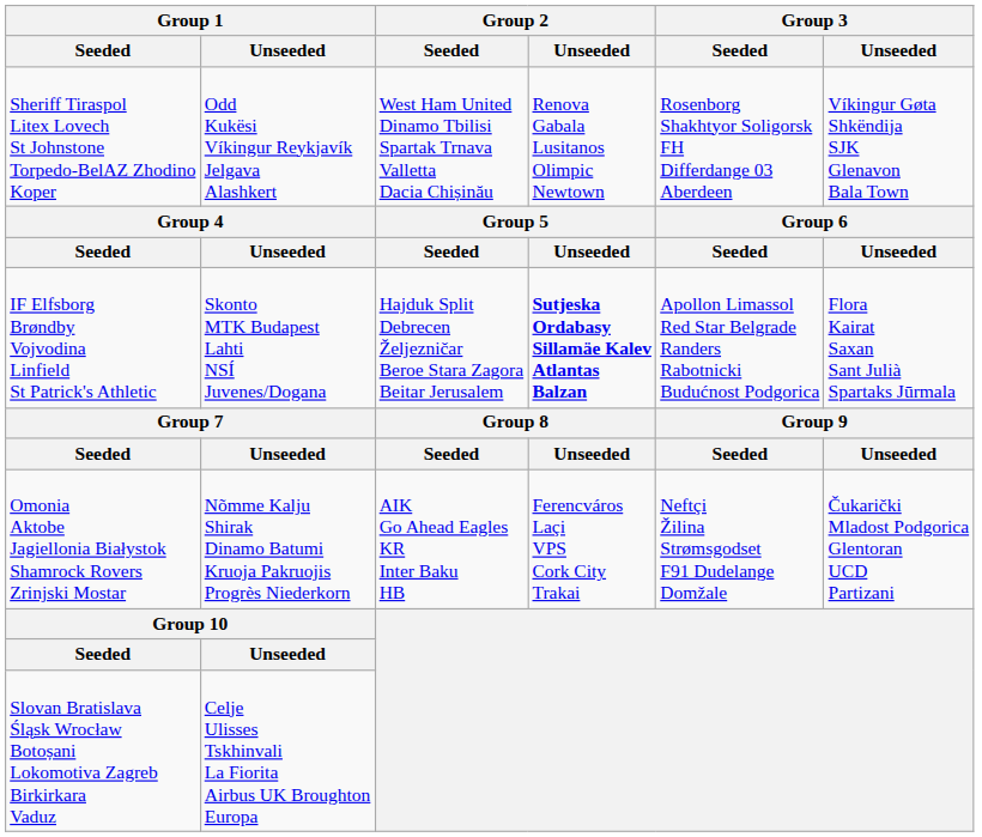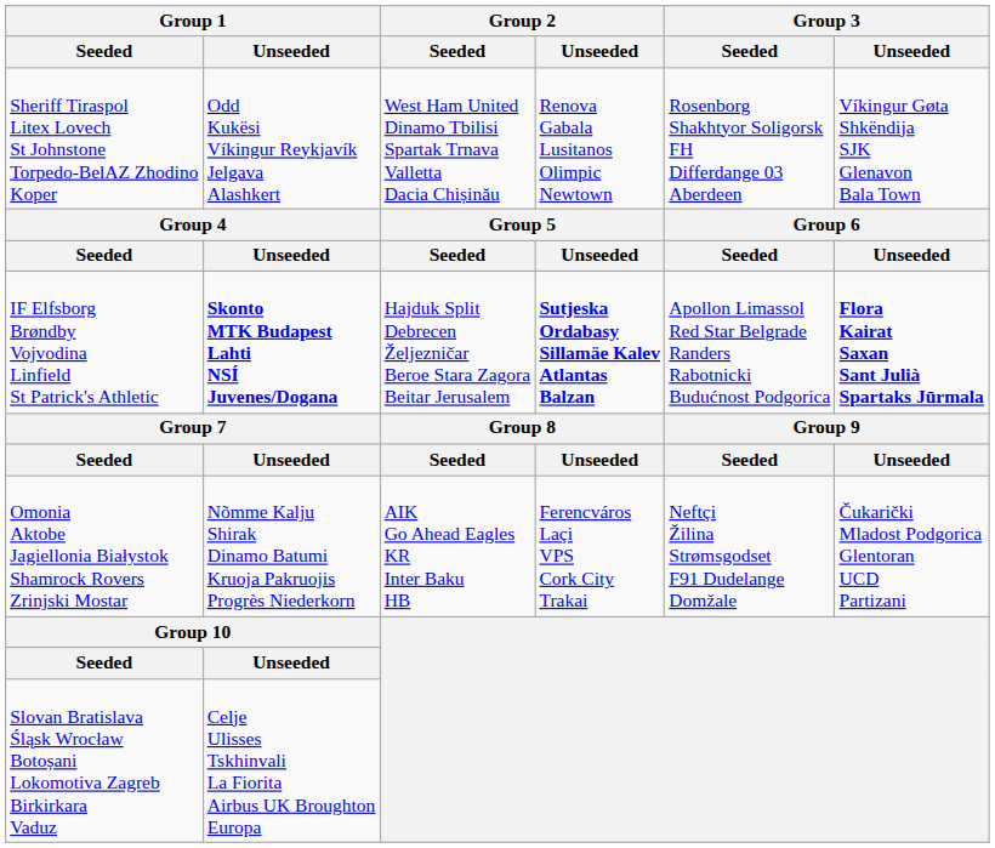 <table class="wikitable" style="font-size:85%">
 <tr>
 <th colspan=2>Group 1</th>
 <th colspan=2>Group 2</th>
 <th colspan=2>Group 3</th>
 </tr>
 <tr>
 <th>Seeded</th>
 <th>Unseeded</th>
 <th>Seeded</th>
 <th>Unseeded</th>
 <th>Seeded</th>
 <th>Unseeded</th>
 </tr>
 <tr>
 <td valign=top><br> <a href='#'>Sheriff Tiraspol</a> <br>  <a href='#'>Litex Lovech</a> <br>  <a href='#'>St Johnstone</a> <br>  <a href='#'>Torpedo-BelAZ Zhodino</a> <br>  <a href='#'>Koper</a> </td>
 <td valign=top><br> <a href='#'>Odd</a> <br>  <a href='#'>Kukësi</a> <br>  <a href='#'>Víkingur Reykjavík</a> <br>  <a href='#'>Jelgava</a> <br>  <a href='#'>Alashkert</a> </td>
 <td valign=top><br> <a href='#'>West Ham United</a> <br>  <a href='#'>Dinamo Tbilisi</a> <br>  <a href='#'>Spartak Trnava</a> <br>  <a href='#'>Valletta</a> <br>  <a href='#'>Dacia Chișinău</a> </td>
 <td valign=top><br> <a href='#'>Renova</a> <br>  <a href='#'>Gabala</a> <br>  <a href='#'>Lusitanos</a> <br>  <a href='#'>Olimpic</a> <br>  <a href='#'>Newtown</a> </td>
 <td valign=top><br> <a href='#'>Rosenborg</a> <br>  <a href='#'>Shakhtyor Soligorsk</a> <br>  <a href='#'>FH</a> <br>  <a href='#'>Differdange 03</a> <br>  <a href='#'>Aberdeen</a> </td>
 <td valign=top><br> <a href='#'>Víkingur Gøta</a> <br>  <a href='#'>Shkëndija</a> <br>  <a href='#'>SJK</a> <br>  <a href='#'>Glenavon</a> <br>  <a href='#'>Bala Town</a> </td>
 </tr>
 <tr>
 <th colspan=2>Group 4</th>
 <th colspan=2>Group 5</th>
 <th colspan=2>Group 6</th>
 </tr>
 <tr>
 <th>Seeded</th>
 <th>Unseeded</th>
 <th>Seeded</th>
 <th>Unseeded</th>
 <th>Seeded</th>
 <th>Unseeded</th>
 </tr>
 <tr>
 <td valign=top><br> <a href='#'>IF Elfsborg</a> <br>  <a href='#'>Brøndby</a> <br>  <a href='#'>Vojvodina</a> <br>  <a href='#'>Linfield</a> <br>  <a href='#'>St Patrick's Athletic</a> </td>
-<td valign=top><br> <a href='#'>Skonto</a> <br>  <a href='#'>MTK Budapest</a> <br>  <a href='#'>Lahti</a> <br>  <a href='#'>NSÍ</a> <br>  <a href='#'>Juvenes/Dogana</a> </td>
+<td valign=top><strong><br> <a href='#'>Skonto</a> <br>  <a href='#'>MTK Budapest</a> <br>  <a href='#'>Lahti</a> <br>  <a href='#'>NSÍ</a> <br>  <a href='#'>Juvenes/Dogana</a> </strong></td>
 <td valign=top><br> <a href='#'>Hajduk Split</a> <br>  <a href='#'>Debrecen</a> <br>  <a href='#'>Željezničar</a> <br>  <a href='#'>Beroe Stara Zagora</a> <br>  <a href='#'>Beitar Jerusalem</a> </td>
 <td valign=top><strong><br> <a href='#'>Sutjeska</a> <br>  <a href='#'>Ordabasy</a> <br>  <a href='#'>Sillamäe Kalev</a> <br>  <a href='#'>Atlantas</a> <br>  <a href='#'>Balzan</a> </strong></td>
 <td valign=top><br> <a href='#'>Apollon Limassol</a> <br>  <a href='#'>Red Star Belgrade</a> <br>  <a href='#'>Randers</a> <br>  <a href='#'>Rabotnicki</a> <br>  <a href='#'>Budućnost Podgorica</a> </td>
-<td valign=top><br> <a href='#'>Flora</a> <br>  <a href='#'>Kairat</a> <br>  <a href='#'>Saxan</a> <br>  <a href='#'>Sant Julià</a> <br>  <a href='#'>Spartaks Jūrmala</a> </td>
+<td valign=top><strong><br> <a href='#'>Flora</a> <br>  <a href='#'>Kairat</a> <br>  <a href='#'>Saxan</a> <br>  <a href='#'>Sant Julià</a> <br>  <a href='#'>Spartaks Jūrmala</a> </strong></td>
 </tr>
 <tr>
 <th colspan=2>Group 7</th>
 <th colspan=2>Group 8</th>
 <th colspan=2>Group 9</th>
 </tr>
 <tr>
 <th>Seeded</th>
 <th>Unseeded</th>
 <th>Seeded</th>
 <th>Unseeded</th>
 <th>Seeded</th>
 <th>Unseeded</th>
 </tr>
 <tr>
 <td valign=top><br> <a href='#'>Omonia</a> <br>  <a href='#'>Aktobe</a> <br>  <a href='#'>Jagiellonia Białystok</a> <br>  <a href='#'>Shamrock Rovers</a> <br>  <a href='#'>Zrinjski Mostar</a> </td>
 <td valign=top><br> <a href='#'>Nõmme Kalju</a> <br>  <a href='#'>Shirak</a> <br>  <a href='#'>Dinamo Batumi</a> <br>  <a href='#'>Kruoja Pakruojis</a> <br>  <a href='#'>Progrès Niederkorn</a> </td>
 <td valign=top><br> <a href='#'>AIK</a> <br>  <a href='#'>Go Ahead Eagles</a> <br>  <a href='#'>KR</a> <br>  <a href='#'>Inter Baku</a> <br>  <a href='#'>HB</a> </td>
 <td valign=top><br> <a href='#'>Ferencváros</a> <br>  <a href='#'>Laçi</a> <br>  <a href='#'>VPS</a> <br>  <a href='#'>Cork City</a> <br>  <a href='#'>Trakai</a> </td>
 <td valign=top><br> <a href='#'>Neftçi</a> <br>  <a href='#'>Žilina</a> <br>  <a href='#'>Strømsgodset</a> <br>  <a href='#'>F91 Dudelange</a> <br>  <a href='#'>Domžale</a> </td>
 <td valign=top><br> <a href='#'>Čukarički</a> <br>  <a href='#'>Mladost Podgorica</a> <br>  <a href='#'>Glentoran</a> <br>  <a href='#'>UCD</a> <br>  <a href='#'>Partizani</a> </td>
 </tr>
 <tr>
 <th colspan=2>Group 10</th>
 <th rowspan=3 colspan=4></th>
 </tr>
 <tr>
 <th>Seeded</th>
 <th>Unseeded</th>
 </tr>
 <tr>
 <td valign=top><br> <a href='#'>Slovan Bratislava</a> <br>  <a href='#'>Śląsk Wrocław</a> <br>  <a href='#'>Botoșani</a> <br>  <a href='#'>Lokomotiva Zagreb</a> <br>  <a href='#'>Birkirkara</a> <br>  <a href='#'>Vaduz</a> </td>
 <td valign=top><br> <a href='#'>Celje</a> <br>  <a href='#'>Ulisses</a> <br>  <a href='#'>Tskhinvali</a> <br>  <a href='#'>La Fiorita</a> <br>  <a href='#'>Airbus UK Broughton</a> <br>  <a href='#'>Europa</a> </td>
 </tr>
 </table>
